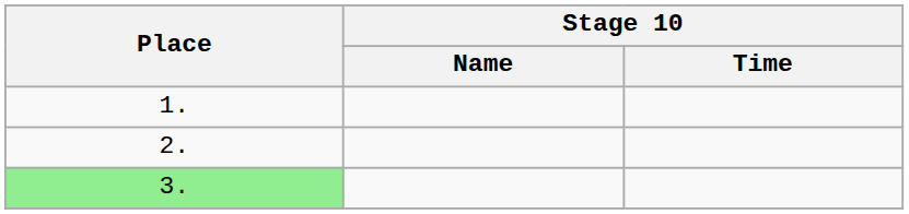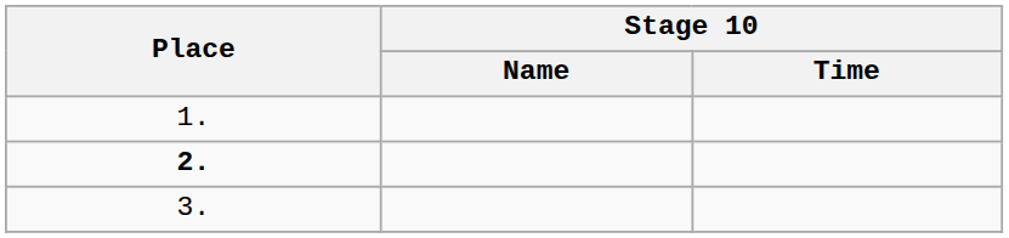 <table class=wikitable style="font-size:95%" width="50%">
 <tr>
 <th rowspan="2">Place</th>
 <th colspan="2">Stage 10</th>
 </tr>
 <tr>
 <th>Name</th>
 <th>Time</th>
 </tr>
 <tr>
 <td align="center">1.</td>
 <td></td>
 <td></td>
 </tr>
 <tr>
-<td align="center">2.</td>
+<td align="center"><strong>2.</strong></td>
 <td></td>
 <td></td>
 </tr>
 <tr>
-<td align="center" style="background: lightgreen;">3.</td>
+<td align="center">3.</td>
 <td></td>
 <td></td>
 </tr>
 </table>
